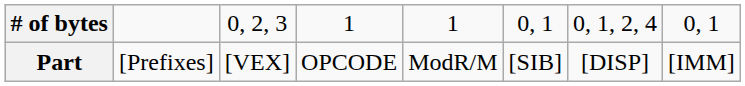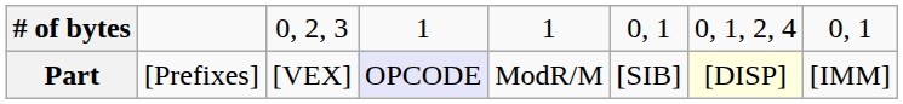 <table class="wikitable" style="float:right; margin-left:1.5em; margin-right:0; margin-top:0; text-align:center;">
 <tr>
 <th># of bytes</th>
 <td></td>
 <td>0, 2, 3</td>
 <td>1</td>
 <td>1</td>
 <td>0, 1</td>
 <td>0, 1, 2, 4</td>
 <td>0, 1</td>
 </tr>
 <tr>
 <th>Part</th>
 <td>[Prefixes]</td>
 <td>[VEX]</td>
-<td>OPCODE</td>
+<td style="background: lavender;">OPCODE</td>
 <td>ModR/M</td>
 <td>[SIB]</td>
-<td>[DISP]</td>
+<td style="background: lightyellow;">[DISP]</td>
 <td>[IMM]</td>
 </tr>
 </table>
